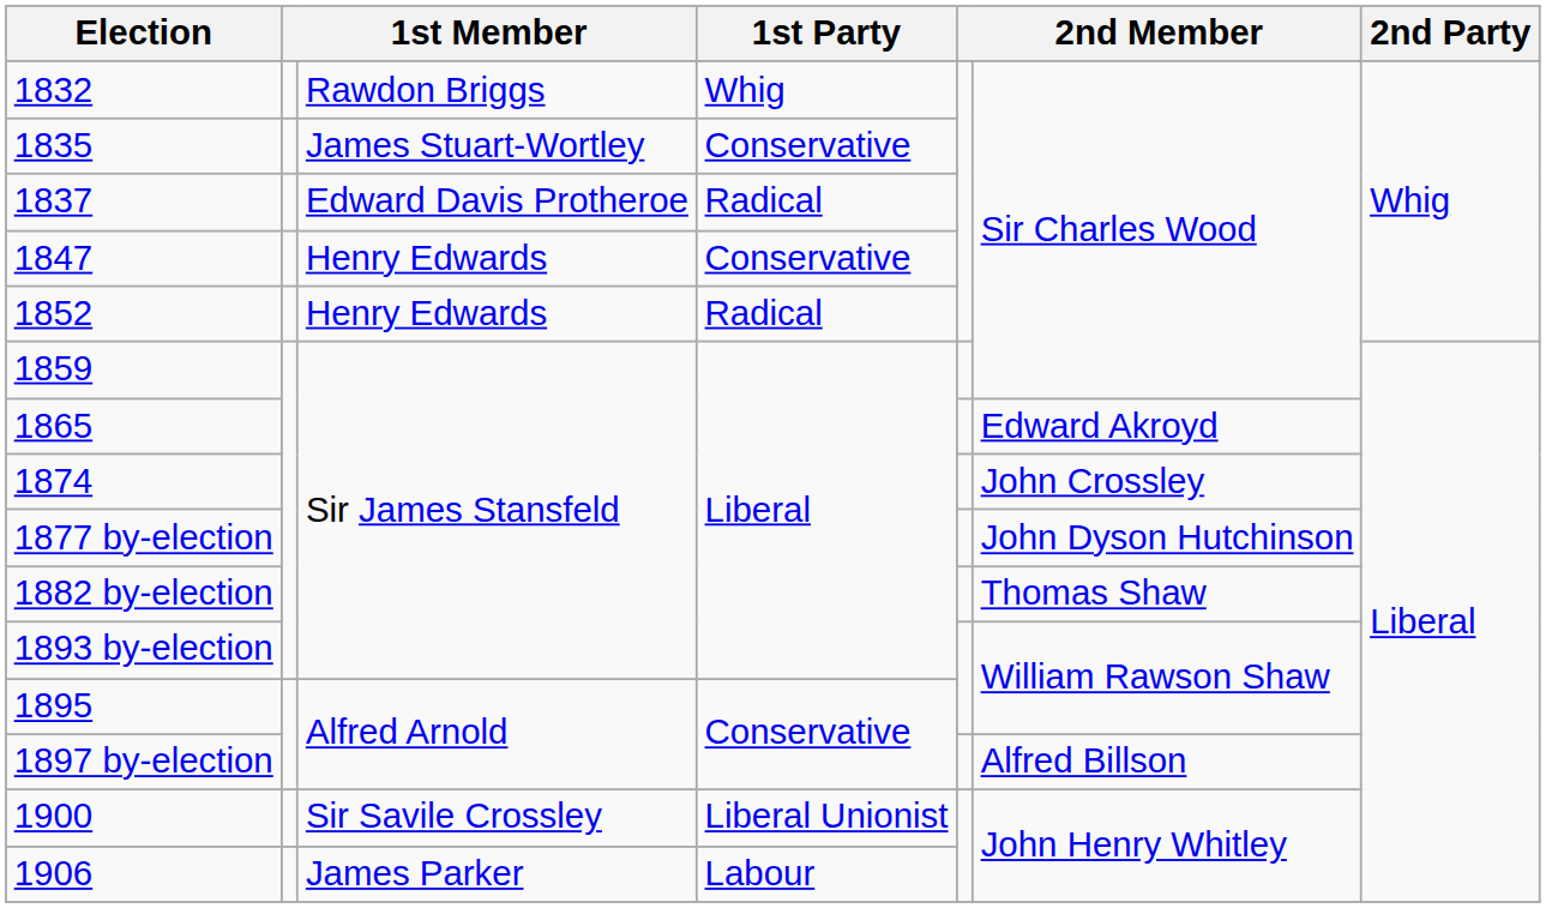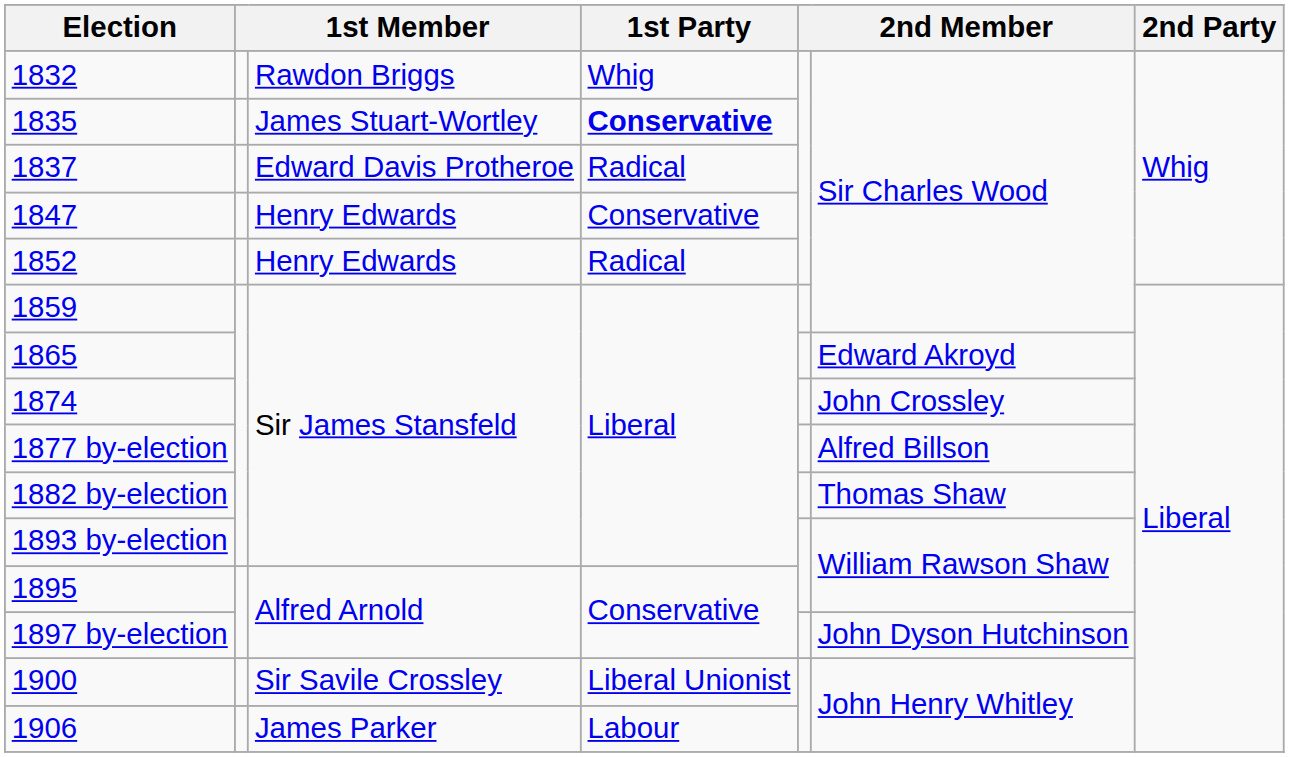 <table class="wikitable">
 <tr>
 <th>Election</th>
 <th colspan="2">1st Member</th>
 <th>1st Party</th>
 <th colspan="2">2nd Member</th>
 <th>2nd Party</th>
 </tr>
 <tr>
 <td><a href='#'>1832</a></td>
 <td style="color:inherit;background-color: "></td>
 <td><a href='#'>Rawdon Briggs</a></td>
 <td><a href='#'>Whig</a></td>
 <td rowspan="5" style="color:inherit;background-color: "></td>
 <td rowspan="6"><a href='#'>Sir Charles Wood</a></td>
 <td rowspan="5"><a href='#'>Whig</a></td>
 </tr>
 <tr>
 <td><a href='#'>1835</a></td>
 <td style="color:inherit;background-color: "></td>
 <td><a href='#'>James Stuart-Wortley</a></td>
-<td><a href='#'>Conservative</a></td>
+<td><strong><a href='#'>Conservative</a></strong></td>
 </tr>
 <tr>
 <td><a href='#'>1837</a></td>
 <td style="color:inherit;background-color: "></td>
 <td><a href='#'>Edward Davis Protheroe</a></td>
 <td><a href='#'>Radical</a></td>
 </tr>
 <tr>
 <td><a href='#'>1847</a></td>
 <td style="color:inherit;background-color: "></td>
 <td><a href='#'>Henry Edwards</a></td>
 <td><a href='#'>Conservative</a></td>
 </tr>
 <tr>
 <td><a href='#'>1852</a></td>
 <td style="color:inherit;background-color: "></td>
 <td><a href='#'>Henry Edwards</a></td>
 <td><a href='#'>Radical</a></td>
 </tr>
 <tr>
 <td><a href='#'>1859</a></td>
 <td rowspan="6" style="color:inherit;background-color: "></td>
 <td rowspan="6">Sir <a href='#'>James Stansfeld</a></td>
 <td rowspan="6"><a href='#'>Liberal</a></td>
 <td style="color:inherit;background-color: "></td>
 <td rowspan="10"><a href='#'>Liberal</a></td>
 </tr>
 <tr>
 <td><a href='#'>1865</a></td>
 <td style="color:inherit;background-color: "></td>
 <td><a href='#'>Edward Akroyd</a></td>
 </tr>
 <tr>
 <td><a href='#'>1874</a></td>
 <td style="color:inherit;background-color: "></td>
 <td><a href='#'>John Crossley</a></td>
 </tr>
 <tr>
 <td><a href='#'>1877 by-election</a></td>
 <td style="color:inherit;background-color: "></td>
-<td><a href='#'>John Dyson Hutchinson</a></td>
+<td><a href='#'>Alfred Billson</a></td>
 </tr>
 <tr>
 <td><a href='#'>1882 by-election</a></td>
 <td style="color:inherit;background-color: "></td>
 <td><a href='#'>Thomas Shaw</a></td>
 </tr>
 <tr>
 <td><a href='#'>1893 by-election</a></td>
 <td rowspan="2" style="color:inherit;background-color: "></td>
 <td rowspan="2"><a href='#'>William Rawson Shaw</a></td>
 </tr>
 <tr>
 <td><a href='#'>1895</a></td>
 <td rowspan="2" style="color:inherit;background-color: "></td>
 <td rowspan="2"><a href='#'>Alfred Arnold</a></td>
 <td rowspan="2"><a href='#'>Conservative</a></td>
 </tr>
 <tr>
 <td><a href='#'>1897 by-election</a></td>
 <td style="color:inherit;background-color: "></td>
-<td><a href='#'>Alfred Billson</a></td>
+<td><a href='#'>John Dyson Hutchinson</a></td>
 </tr>
 <tr>
 <td><a href='#'>1900</a></td>
 <td style="color:inherit;background-color: "></td>
 <td><a href='#'>Sir Savile Crossley</a></td>
 <td><a href='#'>Liberal Unionist</a></td>
 <td rowspan="2" style="color:inherit;background-color: "></td>
 <td rowspan="2"><a href='#'>John Henry Whitley</a></td>
 </tr>
 <tr>
 <td><a href='#'>1906</a></td>
 <td style="color:inherit;background-color: "></td>
 <td><a href='#'>James Parker</a></td>
 <td><a href='#'>Labour</a></td>
 </tr>
 </table>
